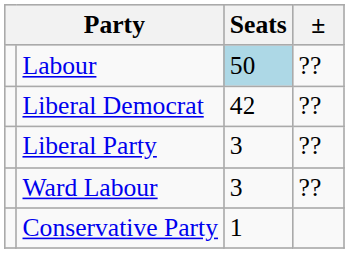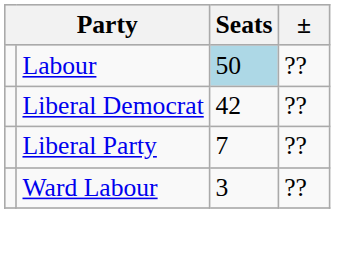 <table class="wikitable">
 <tr>
 <th colspan="2">Party</th>
 <th>Seats</th>
 <th>  ±  </th>
 </tr>
 <tr>
 <td style="background-color: "></td>
 <td><a href='#'>Labour</a></td>
 <td style="background: lightblue;">50</td>
 <td>??</td>
 </tr>
 <tr>
 <td style="background-color: "></td>
 <td><a href='#'>Liberal Democrat</a></td>
 <td>42</td>
 <td>??</td>
 </tr>
 <tr>
 <td style="background-color: "></td>
 <td><a href='#'>Liberal Party</a></td>
-<td>3</td>
+<td>7</td>
 <td>??</td>
 </tr>
 <tr>
 <td style="background-color: "></td>
 <td><a href='#'>Ward Labour</a></td>
 <td>3</td>
 <td>??</td>
 </tr>
-<tr>
-<td style="background-color: "></td>
-<td><a href='#'>Conservative Party</a></td>
-<td>1</td>
-<td></td>
-</tr>
 </table>
